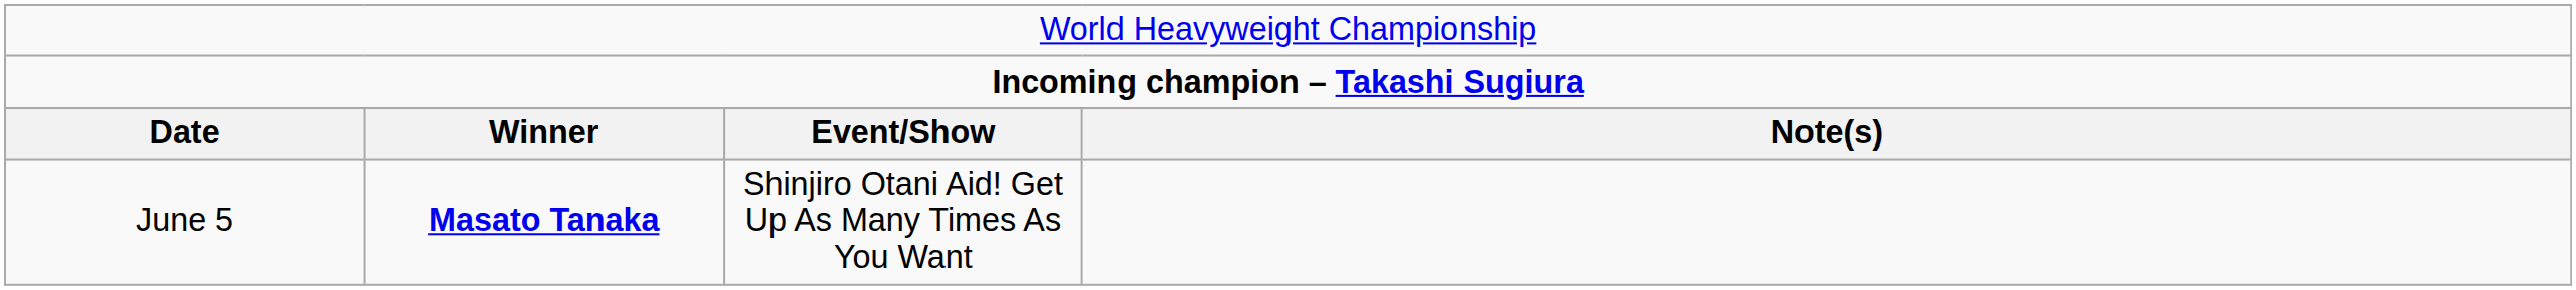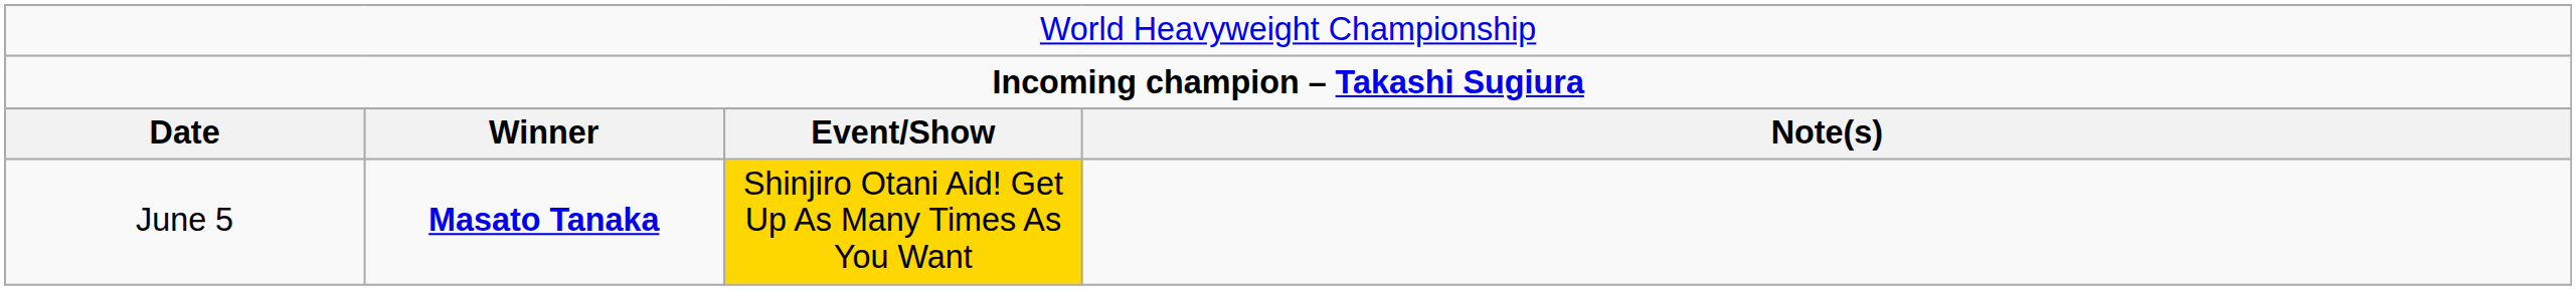 <table class="wikitable" style="text-align:center; width:100%;">
 <tr>
 <td colspan="4" style="text-align: center;"><a href='#'>World Heavyweight Championship</a></td>
 </tr>
 <tr>
 <td colspan="4" style="text-align: center;"><strong>Incoming champion – <a href='#'>Takashi Sugiura</a></strong></td>
 </tr>
 <tr>
 <th width=14%>Date</th>
 <th width=14%>Winner</th>
 <th width=14%>Event/Show</th>
 <th width=58%>Note(s)</th>
 </tr>
 <tr>
 <td>June 5</td>
 <td><strong><a href='#'>Masato Tanaka</a></strong></td>
-<td>Shinjiro Otani Aid! Get Up As Many Times As You Want</td>
+<td style="background: gold;">Shinjiro Otani Aid! Get Up As Many Times As You Want</td>
 <td></td>
 </tr>
 </table>
